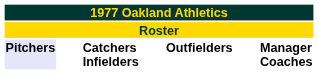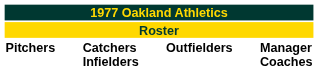 <table class="toccolours" style="font-size: 95%;">
 <tr>
 <th colspan="10" style="background-color: #003831; color: #FFD800; text-align: center;">1977 Oakland Athletics</th>
 </tr>
 <tr>
 <td colspan="10" style="background-color: #FFD800; color: #003831; text-align: center;"><strong>Roster</strong></td>
 </tr>
 <tr>
-<td valign="top" style="background: lavender;"><strong>Pitchers</strong><br>                 </td>
+<td valign="top"><strong>Pitchers</strong><br>                 </td>
 <td width="25px"></td>
 <td valign="top"><strong>Catchers</strong><br>    <strong>Infielders</strong>         </td>
 <td width="25px"></td>
 <td valign="top"><strong>Outfielders</strong><br>        </td>
 <td width="25px"></td>
 <td valign="top"><strong>Manager</strong><br>  <strong>Coaches</strong>    </td>
 </tr>
 </table>
